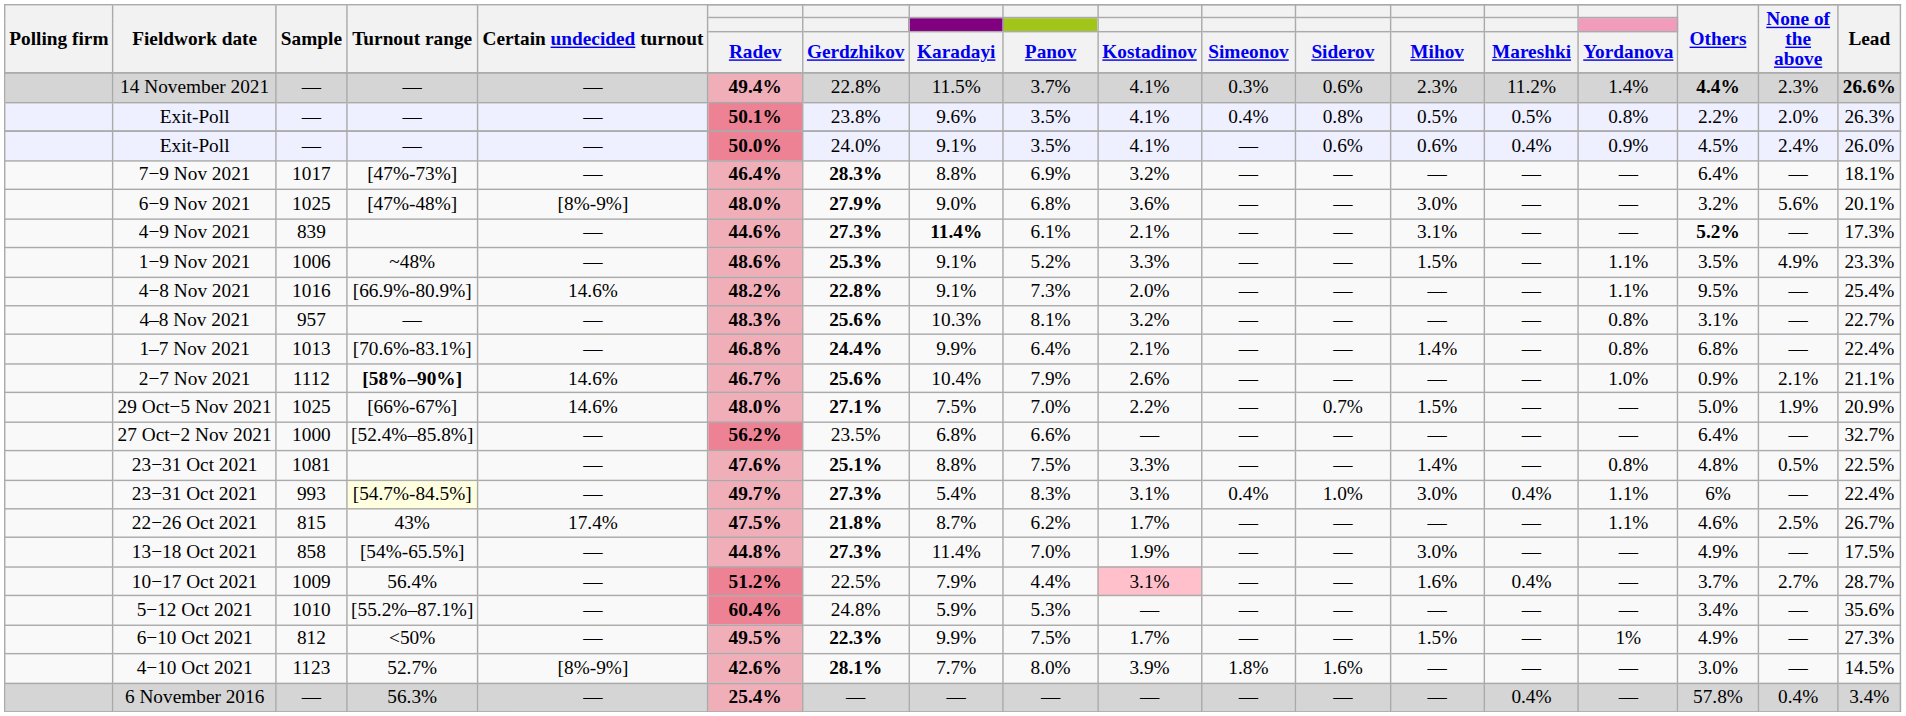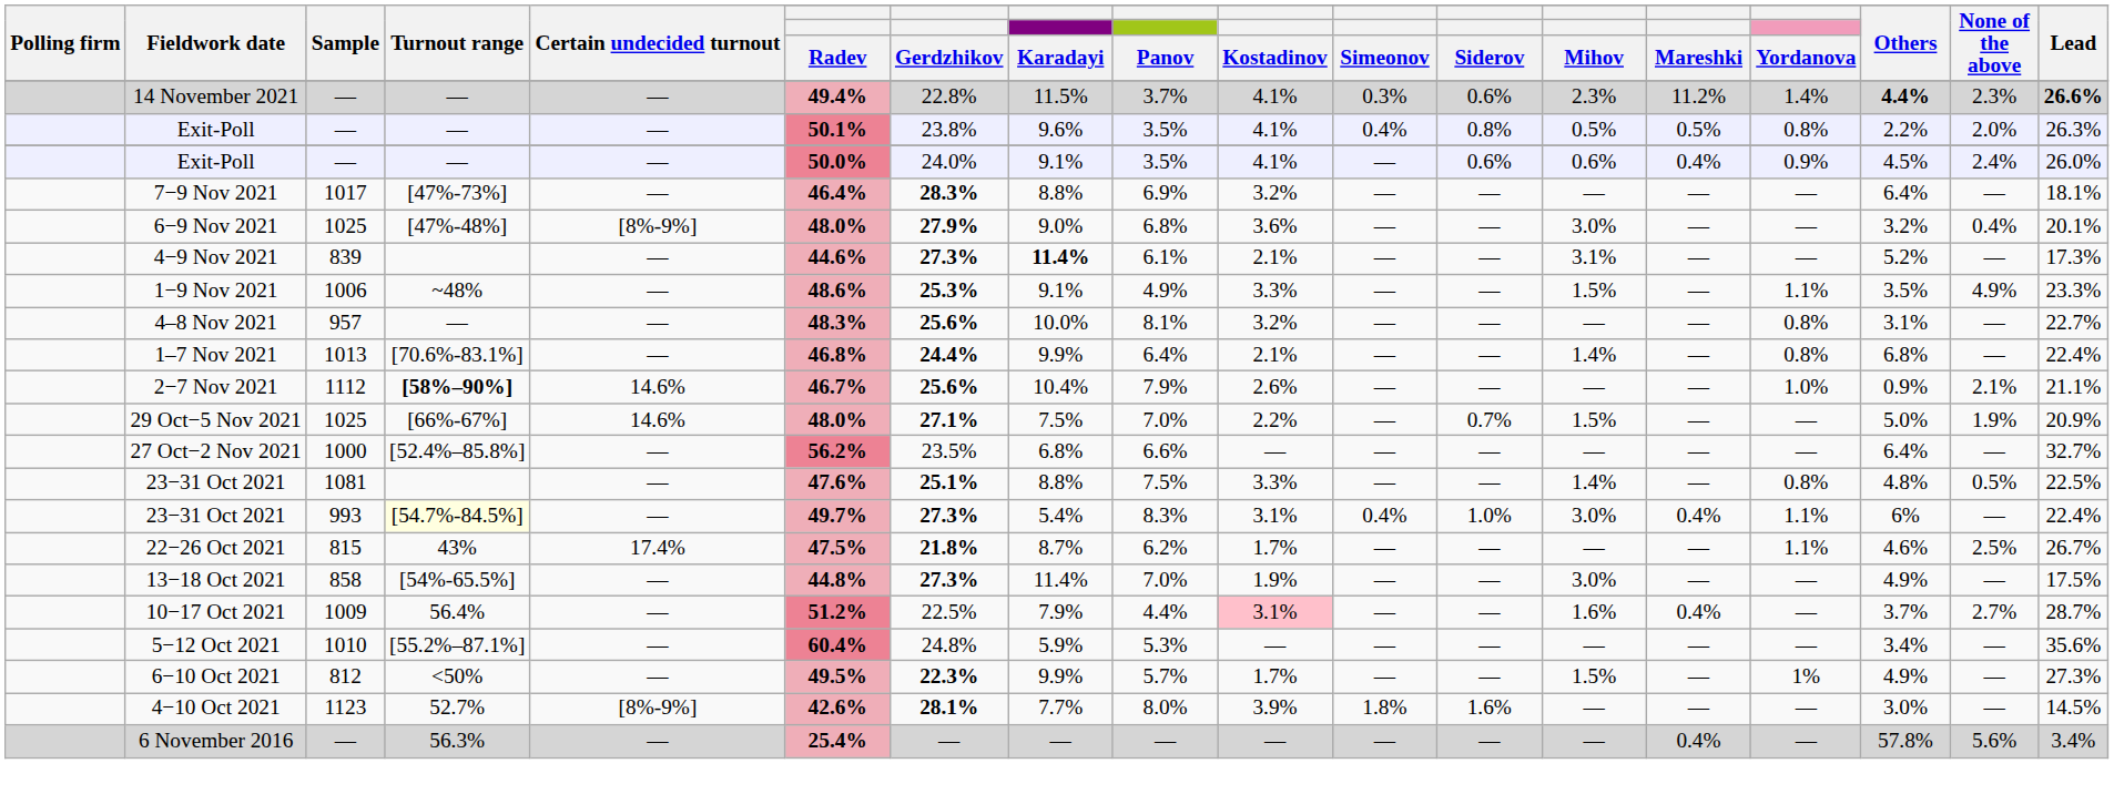 <table class="wikitable" style="text-align:center;font-size:85%;line-height:14px;">
 <tr>
 <th rowspan=4>Polling firm</th>
 <th rowspan=4>Fieldwork date</th>
 <th rowspan=4>Sample</th>
 <th rowspan=4>Turnout range</th>
 <th rowspan=4>Certain <a href='#'>undecided</a> turnout</th>
 </tr>
 <tr>
 <th style="width:60px;"></th>
 <th style="width:60px;"></th>
 <th style="width:60px;"></th>
 <th style="width:60px;"></th>
 <th style="width:60px;"></th>
 <th style="width:60px;"></th>
 <th style="width:60px;"></th>
 <th style="width:60px;"></th>
 <th style="width:60px;"></th>
 <th style="width:60px;"></th>
 <th rowspan=3 class="unsortable" style="width:50px;"><a href='#'>Others</a></th>
 <th rowspan=3 class="unsortable" style="width:50px;"><a href='#'>None of the above</a></th>
 <th rowspan=3>Lead</th>
 </tr>
 <tr>
 <th data-sort-type="number" style="background:"></th>
 <th data-sort-type="number" style="background:"></th>
 <th data-sort-type="number" style="background:#800080" ></th>
 <th data-sort-type="number" style="background:#A1C619" ></th>
 <th data-sort-type="number" style="background:"></th>
 <th data-sort-type="number" style="background:"></th>
 <th data-sort-type="number" style="background:"></th>
 <th data-sort-type="number" style="background:"></th>
 <th data-sort-type="number" style="background:"></th>
 <th data-sort-type="number" style="background:#F19CBB" ></th>
 </tr>
 <tr>
 <th><a href='#'>Radev</a><br></th>
 <th><a href='#'>Gerdzhikov</a><br></th>
 <th><a href='#'>Karadayi</a><br></th>
 <th><a href='#'>Panov</a><br></th>
 <th><a href='#'>Kostadinov</a><br></th>
 <th><a href='#'>Simeonov</a><br></th>
 <th><a href='#'>Siderov</a><br></th>
 <th><a href='#'>Mihov</a><br></th>
 <th><a href='#'>Mareshki</a><br></th>
 <th><a href='#'>Yordanova</a><br></th>
 </tr>
 <tr>
 </tr>
 <tr>
 </tr>
 <tr style="background:#D5D5D5;">
 <td></td>
 <td>14 November 2021</td>
 <td>—</td>
 <td>—</td>
 <td>—</td>
 <td bgcolor="#EFAEB8"><strong>49.4%</strong></td>
 <td>22.8%</td>
 <td>11.5%</td>
 <td>3.7%</td>
 <td>4.1%</td>
 <td>0.3%</td>
 <td>0.6%</td>
 <td>2.3%</td>
 <td>11.2%</td>
 <td>1.4%</td>
 <td><strong>4.4%</strong></td>
 <td>2.3%</td>
 <td style="background:"><strong>26.6%</strong></td>
 </tr>
 <tr style="background:#EEEFFF" |>
 <td></td>
 <td>Exit-Poll</td>
 <td>—</td>
 <td>—</td>
 <td>—</td>
 <td bgcolor="#ED8294"><strong>50.1%</strong></td>
 <td>23.8%</td>
 <td>9.6%</td>
 <td>3.5%</td>
 <td>4.1%</td>
 <td>0.4%</td>
 <td>0.8%</td>
 <td>0.5%</td>
 <td>0.5%</td>
 <td>0.8%</td>
 <td>2.2%</td>
 <td>2.0%</td>
 <td style="background:">26.3%</td>
 </tr>
 <tr>
 </tr>
 <tr style="background:#EEEFFF"|>
 <td></td>
 <td>Exit-Poll</td>
 <td>—</td>
 <td>—</td>
 <td>—</td>
 <td bgcolor="#ED8294"><strong>50.0%</strong></td>
 <td>24.0%</td>
 <td>9.1%</td>
 <td>3.5%</td>
 <td>4.1%</td>
 <td>—</td>
 <td>0.6%</td>
 <td>0.6%</td>
 <td>0.4%</td>
 <td>0.9%</td>
 <td>4.5%</td>
 <td>2.4%</td>
 <td style="background:">26.0%</td>
 </tr>
 <tr>
 <td></td>
 <td data-sort-value="2021-11-09">7−9 Nov 2021</td>
 <td>1017</td>
 <td>[47%-73%]</td>
 <td>—</td>
 <td bgcolor="#EFAEB8"><strong>46.4%</strong></td>
 <td><strong>28.3%</strong></td>
 <td>8.8%</td>
 <td>6.9%</td>
 <td>3.2%</td>
 <td>—</td>
 <td>—</td>
 <td>—</td>
 <td>—</td>
 <td>—</td>
 <td>6.4%</td>
 <td>—</td>
 <td style="background:">18.1%</td>
 </tr>
 <tr>
 <td></td>
 <td data-sort-value="2021-11-09">6−9 Nov 2021</td>
 <td>1025</td>
 <td>[47%-48%]</td>
 <td>[8%-9%]</td>
 <td bgcolor="#EFAEB8"><strong>48.0%</strong></td>
 <td><strong>27.9%</strong></td>
 <td>9.0%</td>
 <td>6.8%</td>
 <td>3.6%</td>
 <td>—</td>
 <td>—</td>
 <td>3.0%</td>
 <td>—</td>
 <td>—</td>
 <td>3.2%</td>
-<td>5.6%</td>
+<td>0.4%</td>
 <td style="background:">20.1%</td>
 </tr>
 <tr>
 <td></td>
 <td data-sort-value="2021-11-09">4−9 Nov 2021</td>
 <td>839</td>
 <td></td>
 <td>—</td>
 <td bgcolor="#EFAEB8"><strong>44.6%</strong></td>
 <td><strong>27.3%</strong></td>
 <td><strong>11.4%</strong></td>
 <td>6.1%</td>
 <td>2.1%</td>
 <td>—</td>
 <td>—</td>
 <td>3.1%</td>
 <td>—</td>
 <td>—</td>
-<td><strong>5.2%</strong></td>
+<td>5.2%</td>
 <td>—</td>
 <td style="background:">17.3%</td>
 </tr>
 <tr>
 <td></td>
 <td data-sort-value="2021-11-09">1−9 Nov 2021</td>
 <td>1006</td>
 <td>~48%</td>
 <td>—</td>
 <td bgcolor="#EFAEB8"><strong>48.6%</strong></td>
 <td><strong>25.3%</strong></td>
 <td>9.1%</td>
-<td>5.2%</td>
+<td>4.9%</td>
 <td>3.3%</td>
 <td>—</td>
 <td>—</td>
 <td>1.5%</td>
 <td>—</td>
 <td>1.1%</td>
 <td>3.5%</td>
 <td>4.9%</td>
 <td style="background:">23.3%</td>
 </tr>
 <tr>
-<td style="letter-spacing:-1px;"></td>
-<td data-sort-value="2021-11-08">4−8 Nov 2021</td>
-<td>1016</td>
-<td>[66.9%-80.9%]</td>
-<td>14.6%</td>
-<td bgcolor="#EFAEB8"><strong>48.2%</strong></td>
-<td><strong>22.8%</strong></td>
-<td>9.1%</td>
-<td>7.3%</td>
-<td>2.0%</td>
-<td>—</td>
-<td>—</td>
-<td>—</td>
-<td>—</td>
-<td>1.1%</td>
-<td>9.5%</td>
-<td>—</td>
-<td style="background:">25.4%</td>
-</tr>
-<tr>
 <td></td>
 <td data-sort-value="2021-11-08">4–8 Nov 2021</td>
 <td>957</td>
 <td>—</td>
 <td>—</td>
 <td bgcolor="#EFAEB8"><strong>48.3%</strong></td>
 <td><strong>25.6%</strong></td>
-<td>10.3%</td>
+<td>10.0%</td>
 <td>8.1%</td>
 <td>3.2%</td>
 <td>—</td>
 <td>—</td>
 <td>—</td>
 <td>—</td>
 <td>0.8%</td>
 <td>3.1%</td>
 <td>—</td>
 <td style="background:">22.7%</td>
 </tr>
 <tr>
 <td></td>
 <td data-sort-value="2021-11-07">1–7 Nov 2021</td>
 <td>1013</td>
 <td>[70.6%-83.1%]</td>
 <td>—</td>
 <td bgcolor="#EFAEB8"><strong>46.8%</strong></td>
 <td><strong>24.4%</strong></td>
 <td>9.9%</td>
 <td>6.4%</td>
 <td>2.1%</td>
 <td>—</td>
 <td>—</td>
 <td>1.4%</td>
 <td>—</td>
 <td>0.8%</td>
 <td>6.8%</td>
 <td>—</td>
 <td style="background:">22.4%</td>
 </tr>
 <tr>
 <td></td>
 <td data-sort-value="2021-11-07">2−7 Nov 2021</td>
 <td>1112</td>
 <td><strong>[58%–90%]</strong></td>
 <td>14.6%</td>
 <td bgcolor="#EFAEB8"><strong>46.7%</strong></td>
 <td><strong>25.6%</strong></td>
 <td>10.4%</td>
 <td>7.9%</td>
 <td>2.6%</td>
 <td>—</td>
 <td>—</td>
 <td>—</td>
 <td>—</td>
 <td>1.0%</td>
 <td>0.9%</td>
 <td>2.1%</td>
 <td style="background:">21.1%</td>
 </tr>
 <tr>
 <td></td>
 <td data-sort-value="2021-11-05">29 Oct−5 Nov 2021</td>
 <td>1025</td>
 <td>[66%-67%]</td>
 <td>14.6%</td>
 <td bgcolor="#EFAEB8"><strong>48.0%</strong></td>
 <td><strong>27.1%</strong></td>
 <td>7.5%</td>
 <td>7.0%</td>
 <td>2.2%</td>
 <td>—</td>
 <td>0.7%</td>
 <td>1.5%</td>
 <td>—</td>
 <td>—</td>
 <td>5.0%</td>
 <td>1.9%</td>
 <td style="background:">20.9%</td>
 </tr>
 <tr>
 <td></td>
 <td data-sort-value="2021-11-02">27 Oct−2 Nov 2021</td>
 <td>1000</td>
 <td>[52.4%–85.8%]</td>
 <td>—</td>
 <td bgcolor="#ED8294"><strong>56.2%</strong></td>
 <td>23.5%</td>
 <td>6.8%</td>
 <td>6.6%</td>
 <td>—</td>
 <td>—</td>
 <td>—</td>
 <td>—</td>
 <td>—</td>
 <td>—</td>
 <td>6.4%</td>
 <td>—</td>
 <td style="background:">32.7%</td>
 </tr>
 <tr>
 <td></td>
 <td data-sort-value="2021-10-31">23−31 Oct 2021</td>
 <td>1081</td>
 <td></td>
 <td>—</td>
 <td bgcolor="#EFAEB8"><strong>47.6%</strong></td>
 <td><strong>25.1%</strong></td>
 <td>8.8%</td>
 <td>7.5%</td>
 <td>3.3%</td>
 <td>—</td>
 <td>—</td>
 <td>1.4%</td>
 <td>—</td>
 <td>0.8%</td>
 <td>4.8%</td>
 <td>0.5%</td>
 <td style="background:">22.5%</td>
 </tr>
 <tr>
 <td></td>
 <td data-sort-value="2021-10-31">23−31 Oct 2021</td>
 <td>993</td>
 <td style="background: lightyellow;">[54.7%-84.5%]</td>
 <td>—</td>
 <td bgcolor="#EFAEB8"><strong>49.7%</strong></td>
 <td><strong>27.3%</strong></td>
 <td>5.4%</td>
 <td>8.3%</td>
 <td>3.1%</td>
 <td>0.4%</td>
 <td>1.0%</td>
 <td>3.0%</td>
 <td>0.4%</td>
 <td>1.1%</td>
 <td>6%</td>
 <td>—</td>
 <td style="background:">22.4%</td>
 </tr>
 <tr>
 <td></td>
 <td data-sort-value="2021-10-26">22−26 Oct 2021</td>
 <td>815</td>
 <td>43%</td>
 <td>17.4%</td>
 <td bgcolor="#EFAEB8"><strong>47.5%</strong></td>
 <td><strong>21.8%</strong></td>
 <td>8.7%</td>
 <td>6.2%</td>
 <td>1.7%</td>
 <td>—</td>
 <td>—</td>
 <td>—</td>
 <td>—</td>
 <td>1.1%</td>
 <td>4.6%</td>
 <td>2.5%</td>
 <td style="background:">26.7%</td>
 </tr>
 <tr>
 <td></td>
 <td data-sort-value="2021-10-18">13−18 Oct 2021</td>
 <td>858</td>
 <td>[54%-65.5%]</td>
 <td>—</td>
 <td bgcolor="#EFAEB8"><strong>44.8%</strong></td>
 <td><strong>27.3%</strong></td>
 <td>11.4%</td>
 <td>7.0%</td>
 <td>1.9%</td>
 <td>—</td>
 <td>—</td>
 <td>3.0%</td>
 <td>—</td>
 <td>—</td>
 <td>4.9%</td>
 <td>—</td>
 <td style="background:">17.5%</td>
 </tr>
 <tr>
 <td></td>
 <td data-sort-value="2021-10-17">10−17 Oct 2021</td>
 <td>1009</td>
 <td>56.4%</td>
 <td>—</td>
 <td bgcolor="#ED8294"><strong>51.2%</strong></td>
 <td>22.5%</td>
 <td>7.9%</td>
 <td>4.4%</td>
 <td style="background: pink;">3.1%</td>
 <td>—</td>
 <td>—</td>
 <td>1.6%</td>
 <td>0.4%</td>
 <td>—</td>
 <td>3.7%</td>
 <td>2.7%</td>
 <td style="background:">28.7%</td>
 </tr>
 <tr>
 <td></td>
 <td data-sort-value="2021-10-12">5−12 Oct 2021</td>
 <td>1010</td>
 <td>[55.2%–87.1%]</td>
 <td>—</td>
 <td bgcolor="#ED8294"><strong>60.4%</strong></td>
 <td>24.8%</td>
 <td>5.9%</td>
 <td>5.3%</td>
 <td>—</td>
 <td>—</td>
 <td>—</td>
 <td>—</td>
 <td>—</td>
 <td>—</td>
 <td>3.4%</td>
 <td>—</td>
 <td style="background:">35.6%</td>
 </tr>
 <tr>
 <td></td>
 <td data-sort-value="2021-10-10">6−10 Oct 2021</td>
 <td>812</td>
 <td><50%</td>
 <td>—</td>
 <td bgcolor="#EFAEB8"><strong>49.5%</strong></td>
 <td><strong>22.3%</strong></td>
 <td>9.9%</td>
-<td>7.5%</td>
+<td>5.7%</td>
 <td>1.7%</td>
 <td>—</td>
 <td>—</td>
 <td>1.5%</td>
 <td>—</td>
 <td>1%</td>
 <td>4.9%</td>
 <td>—</td>
 <td style="background:">27.3%</td>
 </tr>
 <tr>
 <td></td>
 <td data-sort-value="2021-10-10">4−10 Oct 2021</td>
 <td>1123</td>
 <td>52.7%</td>
 <td>[8%-9%]</td>
 <td bgcolor="#EFAEB8"><strong>42.6%</strong></td>
 <td><strong>28.1%</strong></td>
 <td>7.7%</td>
 <td>8.0%</td>
 <td>3.9%</td>
 <td>1.8%</td>
 <td>1.6%</td>
 <td>—</td>
 <td>—</td>
 <td>—</td>
 <td>3.0%</td>
 <td>—</td>
 <td style="background:">14.5%</td>
 </tr>
 <tr style="background:#D5D5D5;">
 <td></td>
 <td data-sort-value="2021-06-11">6 November 2016</td>
 <td>—</td>
 <td>56.3%</td>
 <td>—</td>
 <td bgcolor="#EFAEB8"><strong>25.4%</strong></td>
 <td>—</td>
 <td>—</td>
 <td>—</td>
 <td>—</td>
 <td>—</td>
 <td>—</td>
 <td>—</td>
 <td>0.4%</td>
 <td>—</td>
 <td>57.8%</td>
-<td>0.4%</td>
+<td>5.6%</td>
 <td style="background:">3.4%</td>
 </tr>
 </table>
